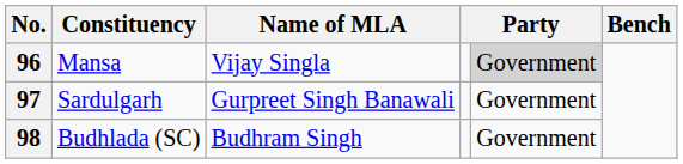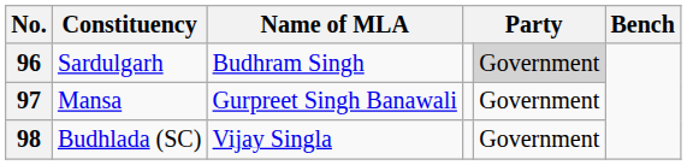 <table class="wikitable sortable">
 <tr>
 <th>No.</th>
 <th>Constituency</th>
 <th>Name of MLA</th>
 <th colspan="2">Party</th>
 <th>Bench</th>
 </tr>
 <tr>
 <th>96</th>
-<td><a href='#'>Mansa</a></td>
-<td><a href='#'>Vijay Singla</a></td>
+<td><a href='#'>Sardulgarh</a></td>
+<td><a href='#'>Budhram Singh</a></td>
 <td></td>
 <td style="background: lightgrey;">Government</td>
 </tr>
 <tr>
 <th>97</th>
-<td><a href='#'>Sardulgarh</a></td>
+<td><a href='#'>Mansa</a></td>
 <td><a href='#'>Gurpreet Singh Banawali</a></td>
 <td></td>
 <td>Government</td>
 </tr>
 <tr>
 <th>98</th>
 <td><a href='#'>Budhlada</a> (SC)</td>
-<td><a href='#'>Budhram Singh</a></td>
+<td><a href='#'>Vijay Singla</a></td>
 <td></td>
 <td>Government</td>
 </tr>
 </table>
